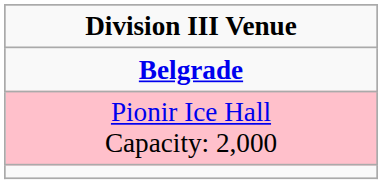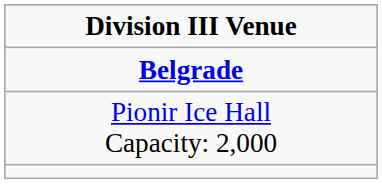 <table class="wikitable" style="text-align:center;" width=220px>
 <tr>
 <td><strong>Division III Venue</strong></td>
 </tr>
 <tr>
 <td width=220px><strong><a href='#'>Belgrade</a></strong></td>
 </tr>
 <tr>
-<td style="background: pink;"><a href='#'>Pionir Ice Hall</a><br>Capacity: 2,000</td>
+<td><a href='#'>Pionir Ice Hall</a><br>Capacity: 2,000</td>
 </tr>
 <tr>
 <td></td>
 </tr>
 </table>
